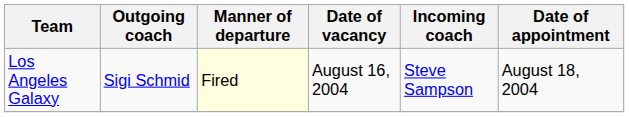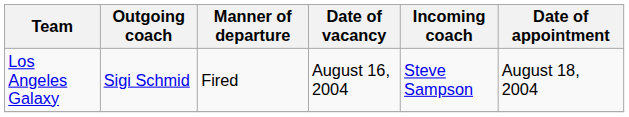 <table class="wikitable sortable">
 <tr>
 <th>Team</th>
 <th>Outgoing coach</th>
 <th>Manner of departure</th>
 <th>Date of vacancy</th>
 <th>Incoming coach</th>
 <th>Date of appointment</th>
 </tr>
 <tr>
 <td><a href='#'>Los Angeles Galaxy</a></td>
 <td> <a href='#'>Sigi Schmid</a></td>
-<td style="background: lightyellow;">Fired</td>
+<td>Fired</td>
 <td>August 16, 2004</td>
 <td> <a href='#'>Steve Sampson</a></td>
 <td>August 18, 2004</td>
 </tr>
 <tr>
 </tr>
 </table>
